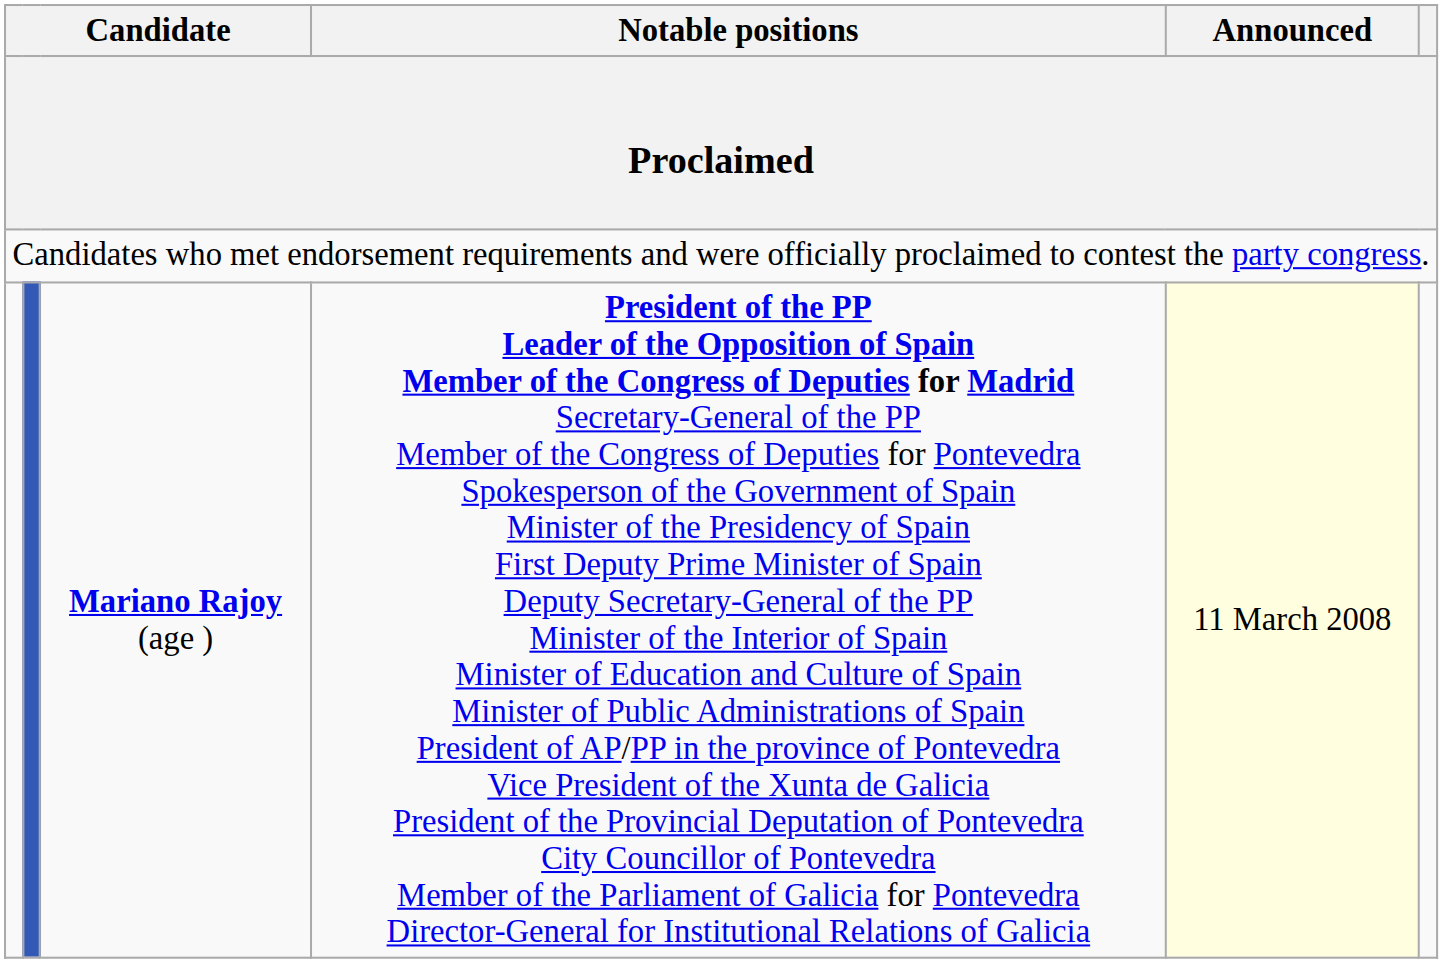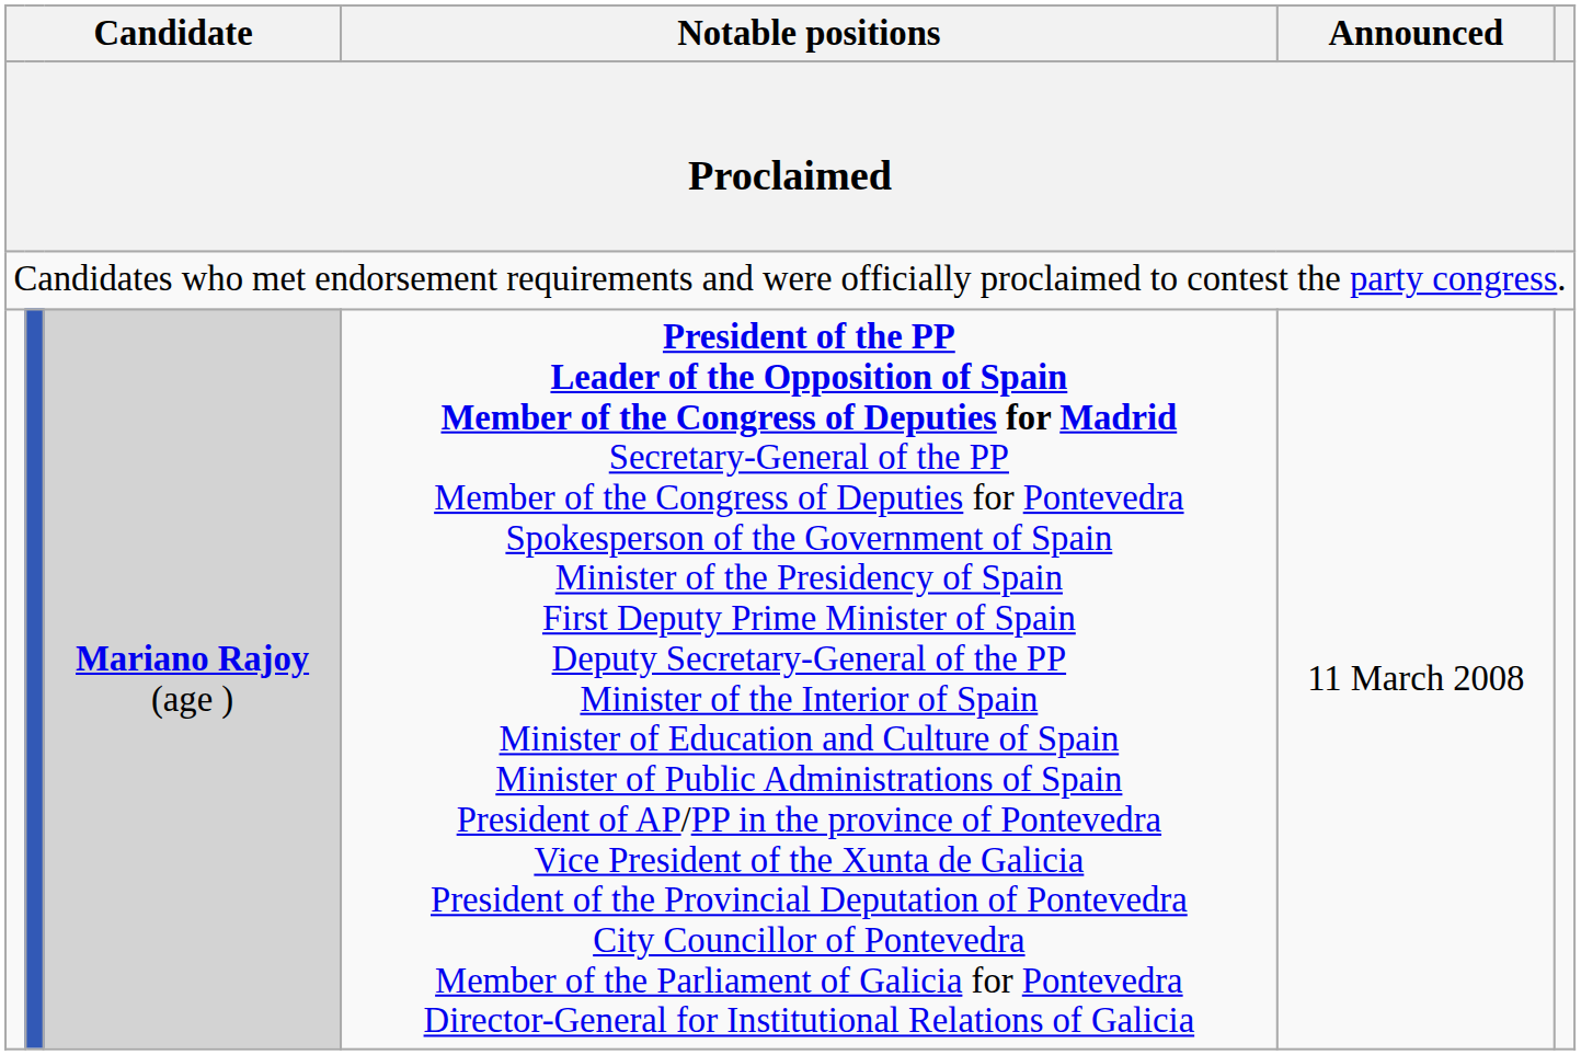 <table class="wikitable" style="text-align:center;">
 <tr>
 <th colspan="3">Candidate</th>
 <th>Notable positions</th>
 <th>Announced</th>
 <th></th>
 </tr>
 <tr>
 <th colspan="6"><br><h3>Proclaimed</h3></th>
 </tr>
 <tr>
 <td colspan="6">Candidates who met endorsement requirements and were officially proclaimed to contest the <a href='#'>party congress</a>.</td>
 </tr>
 <tr>
 <td></td>
 <td width="1px" style="color:inherit;background:#3259B6;"></td>
-<td><strong><a href='#'>Mariano Rajoy</a></strong><br>(age )</td>
+<td style="background: lightgrey;"><strong><a href='#'>Mariano Rajoy</a></strong><br>(age )</td>
 <td><strong><a href='#'>President of the PP</a> <br><a href='#'>Leader of the Opposition of Spain</a> <br><a href='#'>Member of the Congress of Deputies</a> for <a href='#'>Madrid</a> </strong><br><a href='#'>Secretary-General of the PP</a> <br><a href='#'>Member of the Congress of Deputies</a> for <a href='#'>Pontevedra</a> <br><a href='#'>Spokesperson of the Government of Spain</a> <br><a href='#'>Minister of the Presidency of Spain</a> <br><a href='#'>First Deputy Prime Minister of Spain</a> <br><a href='#'>Deputy Secretary-General of the PP</a> <br><a href='#'>Minister of the Interior of Spain</a> <br><a href='#'>Minister of Education and Culture of Spain</a> <br><a href='#'>Minister of Public Administrations of Spain</a> <br><a href='#'>President of AP</a>/<a href='#'>PP in the province of Pontevedra</a> <br><a href='#'>Vice President of the Xunta de Galicia</a> <br><a href='#'>President of the Provincial Deputation of Pontevedra</a> <br><a href='#'>City Councillor of Pontevedra</a> <br><a href='#'>Member of the Parliament of Galicia</a> for <a href='#'>Pontevedra</a> <br><a href='#'>Director-General for Institutional Relations of Galicia</a> </td>
-<td style="background: lightyellow;">11 March 2008</td>
+<td>11 March 2008</td>
 <td></td>
 </tr>
 </table>
